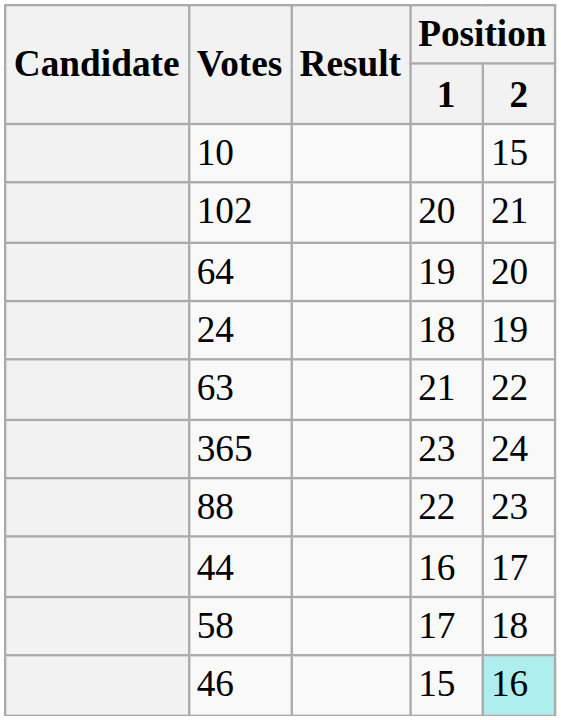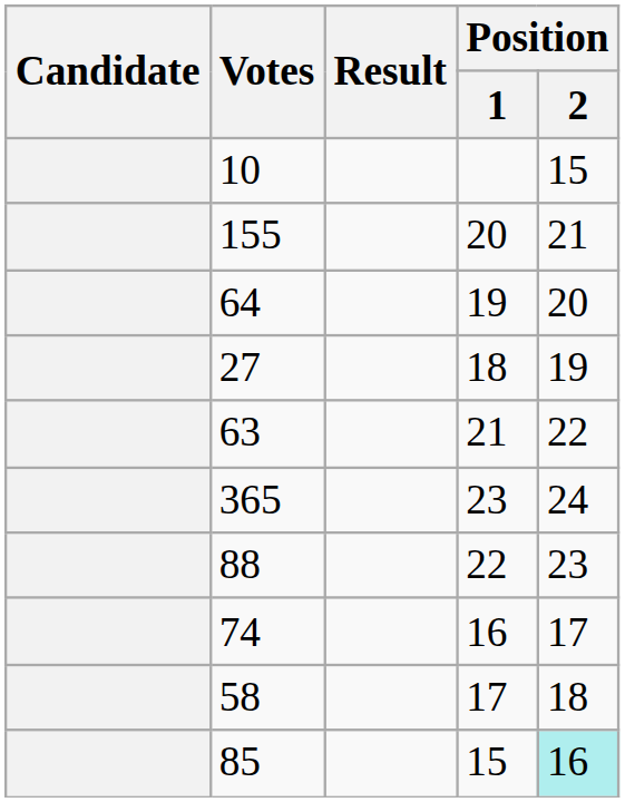 <table class="wikitable sortable defaultright col3left">
 <tr>
 <th scope="col" rowspan="2">Candidate</th>
 <th scope="col" rowspan="2">Votes</th>
 <th scope="col" rowspan="2">Result</th>
 <th scope="col" colspan="2">Position</th>
 </tr>
 <tr>
 <th scope="col">1</th>
 <th scope="col">2</th>
 </tr>
 <tr>
 <th scope="row"></th>
 <td>10</td>
 <td></td>
 <td></td>
 <td>15</td>
 </tr>
 <tr>
 <th scope="row"></th>
-<td>102</td>
+<td>155</td>
 <td></td>
 <td>20</td>
 <td>21</td>
 </tr>
 <tr>
 <th scope="row"></th>
 <td>64</td>
 <td></td>
 <td>19</td>
 <td>20</td>
 </tr>
 <tr>
 <th scope="row"></th>
-<td>24</td>
+<td>27</td>
 <td></td>
 <td>18</td>
 <td>19</td>
 </tr>
 <tr>
 <th scope="row"></th>
 <td>63</td>
 <td></td>
 <td>21</td>
 <td>22</td>
 </tr>
 <tr>
 <th scope="row"></th>
 <td>365</td>
 <td></td>
 <td>23</td>
 <td>24</td>
 </tr>
 <tr>
 <th scope="row"></th>
 <td>88</td>
 <td></td>
 <td>22</td>
 <td>23</td>
 </tr>
 <tr>
 <th scope="row"></th>
-<td>44</td>
+<td>74</td>
 <td></td>
 <td>16</td>
 <td>17</td>
 </tr>
 <tr>
 <th scope="row"></th>
 <td>58</td>
 <td></td>
 <td>17</td>
 <td>18</td>
 </tr>
 <tr>
 <th scope="row"></th>
-<td>46</td>
+<td>85</td>
 <td></td>
 <td>15</td>
 <td style="background: paleturquoise;">16</td>
 </tr>
 </table>
